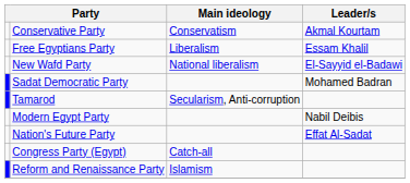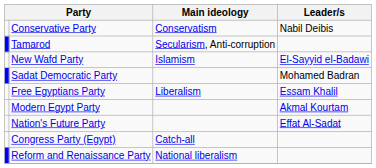 <table class="wikitable" style="font-size:95%">
 <tr>
 <th colspan=2>Party</th>
 <th>Main ideology</th>
 <th>Leader/s</th>
 </tr>
 <tr>
 <td></td>
 <td><a href='#'>Conservative Party</a></td>
 <td><a href='#'>Conservatism</a></td>
-<td><a href='#'>Akmal Kourtam</a></td>
+<td>Nabil Deibis</td>
+</tr>
+<tr>
+<td style="color:inherit;background:#0000FF"></td>
+<td><a href='#'>Tamarod</a></td>
+<td><a href='#'>Secularism</a>, Anti-corruption</td>
+<td></td>
+</tr>
+<tr>
+<td></td>
+<td><a href='#'>New Wafd Party</a></td>
+<td><a href='#'>Islamism</a></td>
+<td><a href='#'>El-Sayyid el-Badawi</a></td>
+</tr>
+<tr>
+<td style="color:inherit;background:#0000FF"></td>
+<td><a href='#'>Sadat Democratic Party</a></td>
+<td></td>
+<td>Mohamed Badran</td>
 </tr>
 <tr>
 <td></td>
 <td><a href='#'>Free Egyptians Party</a></td>
 <td><a href='#'>Liberalism</a></td>
 <td><a href='#'>Essam Khalil</a></td>
 </tr>
 <tr>
 <td></td>
-<td><a href='#'>New Wafd Party</a></td>
-<td><a href='#'>National liberalism</a></td>
-<td><a href='#'>El-Sayyid el-Badawi</a></td>
-</tr>
-<tr>
-<td style="color:inherit;background:#0000FF"></td>
-<td><a href='#'>Sadat Democratic Party</a></td>
-<td></td>
-<td>Mohamed Badran</td>
-</tr>
-<tr>
-<td style="color:inherit;background:#0000FF"></td>
-<td><a href='#'>Tamarod</a></td>
-<td><a href='#'>Secularism</a>, Anti-corruption</td>
-<td></td>
-</tr>
-<tr>
-<td></td>
 <td><a href='#'>Modern Egypt Party</a></td>
 <td></td>
-<td>Nabil Deibis</td>
+<td><a href='#'>Akmal Kourtam</a></td>
 </tr>
 <tr>
 <td></td>
 <td><a href='#'>Nation's Future Party</a></td>
 <td></td>
 <td><a href='#'>Effat Al-Sadat</a></td>
 </tr>
 <tr>
 <td></td>
 <td><a href='#'>Congress Party (Egypt)</a></td>
 <td><a href='#'>Catch-all</a></td>
 <td></td>
 </tr>
 <tr>
 <td style="color:inherit;background:#0000FF"></td>
 <td><a href='#'>Reform and Renaissance Party</a></td>
-<td><a href='#'>Islamism</a></td>
+<td><a href='#'>National liberalism</a></td>
 <td></td>
 </tr>
 <tr>
 </tr>
 </table>
